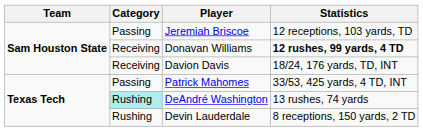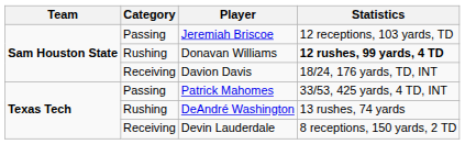 <table class="wikitable" style="float: right;">
 <tr>
 <th>Team</th>
 <th>Category</th>
 <th>Player</th>
 <th>Statistics</th>
 </tr>
 <tr>
 <td rowspan=3><strong>Sam Houston State</strong></td>
 <td>Passing</td>
 <td><a href='#'>Jeremiah Briscoe</a></td>
 <td>12 receptions, 103 yards, TD</td>
 </tr>
 <tr>
-<td>Receiving</td>
+<td>Rushing</td>
 <td>Donavan Williams</td>
 <td><strong>12 rushes, 99 yards, 4 TD</strong></td>
 </tr>
 <tr>
 <td>Receiving</td>
 <td>Davion Davis</td>
 <td>18/24, 176 yards, TD, INT</td>
 </tr>
 <tr>
 <td rowspan=3><strong>Texas Tech</strong></td>
 <td>Passing</td>
 <td><a href='#'>Patrick Mahomes</a></td>
 <td>33/53, 425 yards, 4 TD, INT</td>
 </tr>
 <tr>
-<td style="background: paleturquoise;">Rushing</td>
+<td>Rushing</td>
 <td><a href='#'>DeAndré Washington</a></td>
 <td>13 rushes, 74 yards</td>
 </tr>
 <tr>
-<td>Rushing</td>
+<td>Receiving</td>
 <td>Devin Lauderdale</td>
 <td>8 receptions, 150 yards, 2 TD</td>
 </tr>
 </table>
